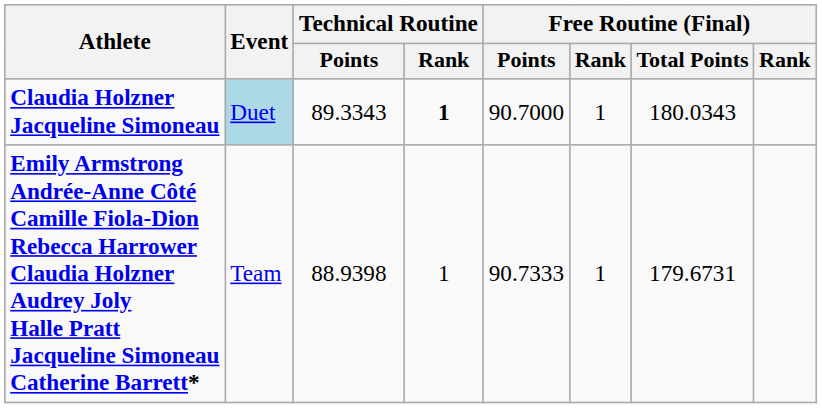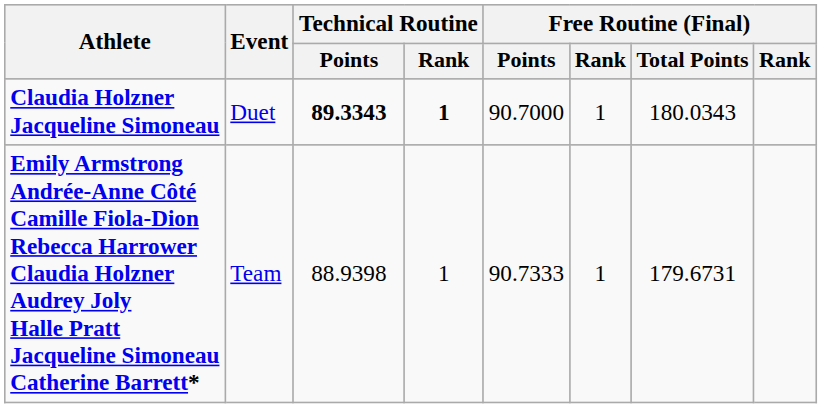 <table class=wikitable style="font-size:90%">
 <tr>
 <th rowspan="2">Athlete</th>
 <th rowspan="2">Event</th>
 <th colspan="2">Technical Routine</th>
 <th colspan="4">Free Routine (Final)</th>
 </tr>
 <tr style="font-size:95%">
 <th>Points</th>
 <th>Rank</th>
 <th>Points</th>
 <th>Rank</th>
 <th>Total Points</th>
 <th>Rank</th>
 </tr>
 <tr align=center>
 <td align=left><strong><a href='#'>Claudia Holzner</a><br><a href='#'>Jacqueline Simoneau</a></strong></td>
-<td align=left style="background: lightblue;"><a href='#'>Duet</a></td>
-<td>89.3343</td>
+<td align=left><a href='#'>Duet</a></td>
+<td><strong>89.3343</strong></td>
 <td><strong>1</strong></td>
 <td>90.7000</td>
 <td>1</td>
 <td>180.0343</td>
 <td></td>
 </tr>
 <tr align=center>
 <td align=left><strong><a href='#'>Emily Armstrong</a><br><a href='#'>Andrée-Anne Côté</a><br><a href='#'>Camille Fiola-Dion</a><br><a href='#'>Rebecca Harrower</a><br><a href='#'>Claudia Holzner</a><br><a href='#'>Audrey Joly</a><br><a href='#'>Halle Pratt</a><br><a href='#'>Jacqueline Simoneau</a><br><a href='#'>Catherine Barrett</a>*</strong></td>
 <td align=left><a href='#'>Team</a></td>
 <td>88.9398</td>
 <td>1</td>
 <td>90.7333</td>
 <td>1</td>
 <td>179.6731</td>
 <td></td>
 </tr>
 </table>
